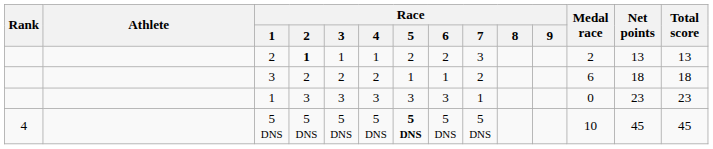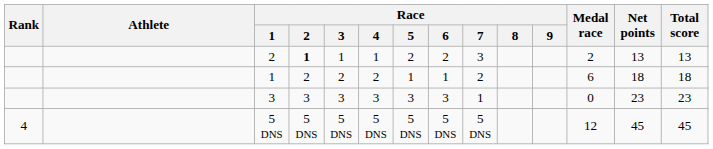 <table | class="wikitable Sortable" style="text-align:center">
 <tr>
 <th rowspan="2" width=40>Rank</th>
 <th rowspan="2" width=250>Athlete</th>
 <th colspan="9">Race</th>
 <th rowspan="2" width=50>Medal race</th>
 <th rowspan="2" width=50>Net points</th>
 <th rowspan="2" width=50>Total score</th>
 </tr>
 <tr>
 <th width=35>1</th>
 <th width=35>2</th>
 <th width=35>3</th>
 <th width=35>4</th>
 <th width=35>5</th>
 <th width=35>6</th>
 <th width=35>7</th>
 <th width=35>8</th>
 <th width=35>9</th>
 </tr>
 <tr>
 <td></td>
 <td align=left> </td>
 <td>2</td>
 <td><strong>1</strong></td>
 <td>1</td>
 <td>1</td>
 <td>2</td>
 <td>2</td>
 <td>3</td>
 <td></td>
 <td></td>
 <td>2</td>
 <td>13</td>
 <td>13</td>
 </tr>
 <tr>
 <td></td>
 <td align=left> </td>
-<td>3</td>
+<td>1</td>
 <td>2</td>
 <td>2</td>
 <td>2</td>
 <td>1</td>
 <td>1</td>
 <td>2</td>
 <td></td>
 <td></td>
 <td>6</td>
 <td>18</td>
 <td>18</td>
 </tr>
 <tr>
 <td></td>
 <td align=left> </td>
-<td>1</td>
+<td>3</td>
 <td>3</td>
 <td>3</td>
 <td>3</td>
 <td>3</td>
 <td>3</td>
 <td>1</td>
 <td></td>
 <td></td>
 <td>0</td>
 <td>23</td>
 <td>23</td>
 </tr>
 <tr>
 <td>4</td>
 <td align=left> </td>
 <td>5<br><small>DNS</small></td>
 <td>5<br><small>DNS</small></td>
 <td>5<br><small>DNS</small></td>
 <td>5<br><small>DNS</small></td>
-<td><strong>5<br><small>DNS</small></strong></td>
+<td>5<br><small>DNS</small></td>
 <td>5<br><small>DNS</small></td>
 <td>5<br><small>DNS</small></td>
 <td></td>
 <td></td>
-<td>10</td>
+<td>12</td>
 <td>45</td>
 <td>45</td>
 </tr>
 </table>
